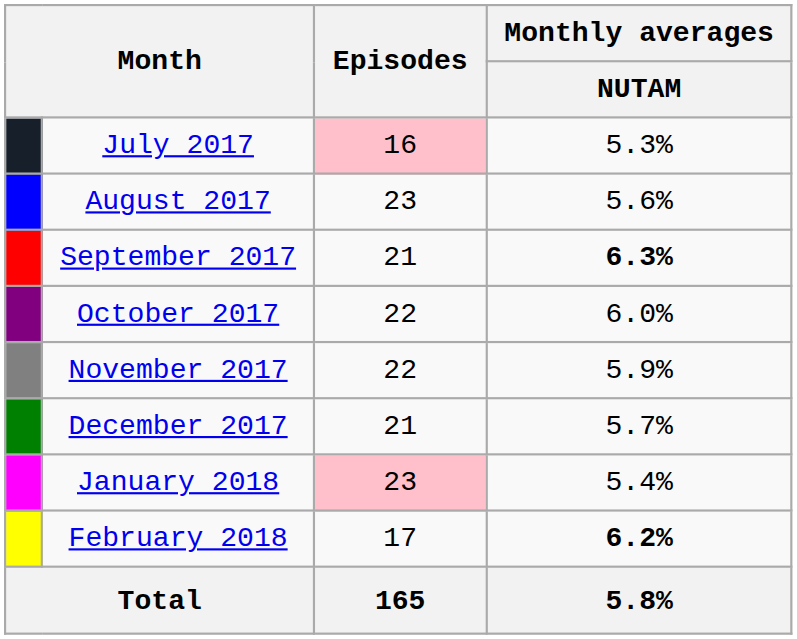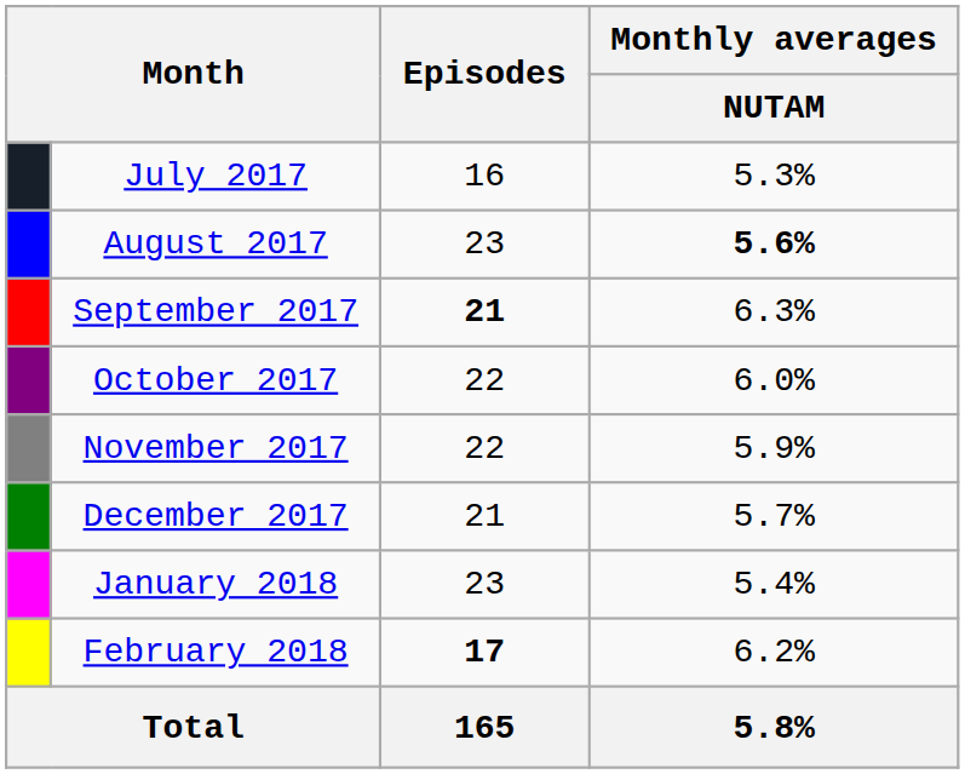 <table class="wikitable plainrowheaders" style="text-align: center; line-height:25px;">
 <tr class="wikitable" style="text-align: center;">
 <th colspan="2" rowspan="2" style="padding: 0 8px;">Month</th>
 <th rowspan="2" style="padding: 0 8px;">Episodes</th>
 <th colspan="2" style="padding: 0 8px;">Monthly averages</th>
 </tr>
 <tr>
 <th style="padding: 0 8px;">NUTAM</th>
 </tr>
 <tr>
 <td style="padding: 0 8px; background:#17202A;"></td>
 <td style="padding: 0 8px;" '><a href='#'>July 2017</a></td>
-<td style="background: pink; padding: 0 8px;">16</td>
+<td style="padding: 0 8px;">16</td>
 <td style="padding: 0 8px;">5.3%</td>
 </tr>
 <tr>
 <td style="padding: 0 8px; background:#0000FF;"></td>
 <td style="padding: 0 8px;" '><a href='#'>August 2017</a></td>
 <td style="padding: 0 8px;">23</td>
-<td style="padding: 0 8px;">5.6%</td>
+<td style="padding: 0 8px;"><strong>5.6%</strong></td>
 </tr>
 <tr>
 <td style="padding: 0 8px; background:#FF0000;"></td>
 <td style="padding: 0 8px;" '><a href='#'>September 2017</a></td>
-<td style="padding: 0 8px;">21</td>
-<td style="padding: 0 8px;"><strong>6.3%</strong></td>
+<td style="padding: 0 8px;"><strong>21</strong></td>
+<td style="padding: 0 8px;">6.3%</td>
 </tr>
 <tr>
 <td style="padding: 0 8px; background:#800080;"></td>
 <td style="padding: 0 8px;" '><a href='#'>October 2017</a></td>
 <td style="padding: 0 8px;">22</td>
 <td style="padding: 0 8px;">6.0%</td>
 </tr>
 <tr>
 <td style="padding: 0 8px; background:#808080;"></td>
 <td style="padding: 0 8px;" '><a href='#'>November 2017</a></td>
 <td style="padding: 0 8px;">22</td>
 <td style="padding: 0 8px;">5.9%</td>
 </tr>
 <tr>
 <td style="padding: 0 8px; background:#008000;"></td>
 <td style="padding: 0 8px;" '><a href='#'>December 2017</a></td>
 <td style="padding: 0 8px;">21</td>
 <td style="padding: 0 8px;">5.7%</td>
 </tr>
 <tr>
 <td style="padding: 0 8px; background:#FF00FF;"></td>
 <td style="padding: 0 8px;" '><a href='#'>January 2018</a></td>
-<td style="background: pink; padding: 0 8px;">23</td>
+<td style="padding: 0 8px;">23</td>
 <td style="padding: 0 8px;">5.4%</td>
 </tr>
 <tr>
 <td style="padding: 0 8px; background:#FFFF00;"></td>
 <td style="padding: 0 8px;" '><a href='#'>February 2018</a></td>
-<td style="padding: 0 8px;">17</td>
-<td style="padding: 0 8px;"><strong>6.2%</strong></td>
+<td style="padding: 0 8px;"><strong>17</strong></td>
+<td style="padding: 0 8px;">6.2%</td>
 </tr>
 <tr>
 <th colspan="2">Total</th>
 <th colspan="1">165</th>
 <th colspan="2">5.8%</th>
 </tr>
 </table>
